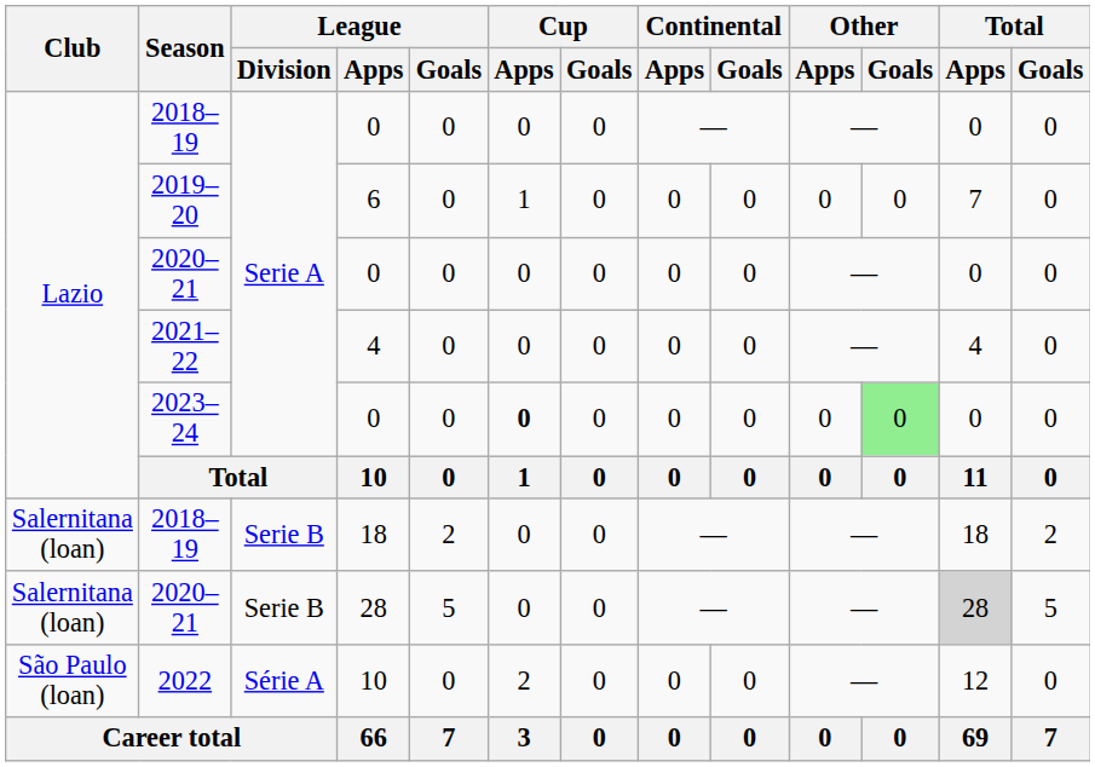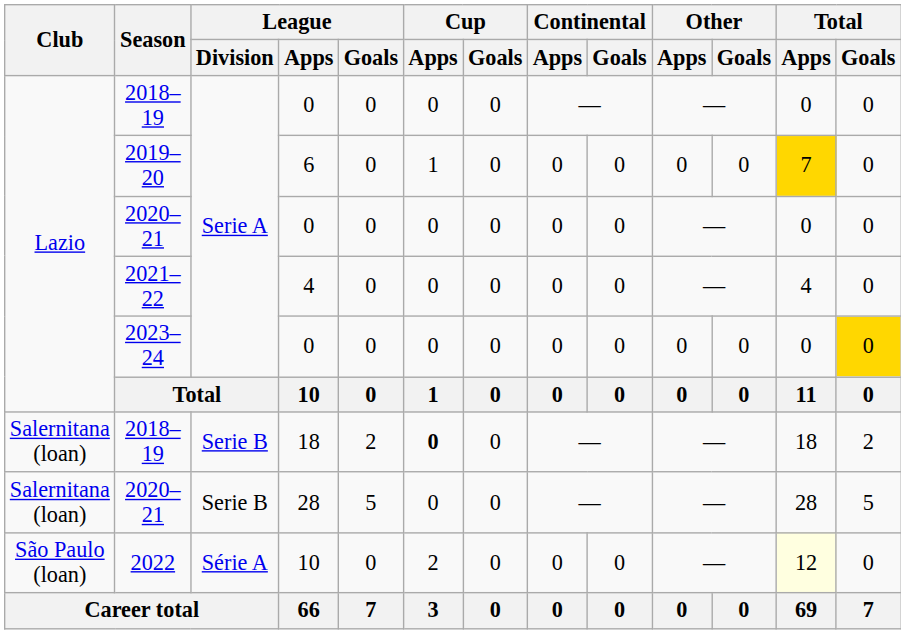 <table class="wikitable" style="text-align:center">
 <tr>
 <th rowspan="2">Club</th>
 <th rowspan="2">Season</th>
 <th colspan="3">League</th>
 <th colspan="2">Cup</th>
 <th colspan="2">Continental</th>
 <th colspan="2">Other</th>
 <th colspan="2">Total</th>
 </tr>
 <tr>
 <th>Division</th>
 <th>Apps</th>
 <th>Goals</th>
 <th>Apps</th>
 <th>Goals</th>
 <th>Apps</th>
 <th>Goals</th>
 <th>Apps</th>
 <th>Goals</th>
 <th>Apps</th>
 <th>Goals</th>
 </tr>
 <tr>
 <td rowspan="6"><a href='#'>Lazio</a></td>
 <td><a href='#'>2018–19</a></td>
 <td rowspan="5"><a href='#'>Serie A</a></td>
 <td>0</td>
 <td>0</td>
 <td>0</td>
 <td>0</td>
 <td colspan="2">—</td>
 <td colspan="2">—</td>
 <td>0</td>
 <td>0</td>
 </tr>
 <tr>
 <td><a href='#'>2019–20</a></td>
 <td>6</td>
 <td>0</td>
 <td>1</td>
 <td>0</td>
 <td>0</td>
 <td>0</td>
 <td>0</td>
 <td>0</td>
-<td>7</td>
+<td style="background: gold;">7</td>
 <td>0</td>
 </tr>
 <tr>
 <td><a href='#'>2020–21</a></td>
 <td>0</td>
 <td>0</td>
 <td>0</td>
 <td>0</td>
 <td>0</td>
 <td>0</td>
 <td colspan="2">—</td>
 <td>0</td>
 <td>0</td>
 </tr>
 <tr>
 <td><a href='#'>2021–22</a></td>
 <td>4</td>
 <td>0</td>
 <td>0</td>
 <td>0</td>
 <td>0</td>
 <td>0</td>
 <td colspan="2">—</td>
 <td>4</td>
 <td>0</td>
 </tr>
 <tr>
 <td><a href='#'>2023–24</a></td>
 <td>0</td>
 <td>0</td>
-<td><strong>0</strong></td>
 <td>0</td>
 <td>0</td>
 <td>0</td>
 <td>0</td>
-<td style="background: lightgreen;">0</td>
 <td>0</td>
 <td>0</td>
+<td>0</td>
+<td style="background: gold;">0</td>
 </tr>
 <tr>
 <th colspan="2">Total</th>
 <th>10</th>
 <th>0</th>
 <th>1</th>
 <th>0</th>
 <th>0</th>
 <th>0</th>
 <th>0</th>
 <th>0</th>
 <th>11</th>
 <th>0</th>
 </tr>
 <tr>
 <td><a href='#'>Salernitana</a> (loan)</td>
 <td><a href='#'>2018–19</a></td>
 <td><a href='#'>Serie B</a></td>
 <td>18</td>
 <td>2</td>
-<td>0</td>
+<td><strong>0</strong></td>
 <td>0</td>
 <td colspan="2">—</td>
 <td colspan="2">—</td>
 <td>18</td>
 <td>2</td>
 </tr>
 <tr>
 <td><a href='#'>Salernitana</a> (loan)</td>
 <td><a href='#'>2020–21</a></td>
 <td>Serie B</td>
 <td>28</td>
 <td>5</td>
 <td>0</td>
 <td>0</td>
 <td colspan="2">—</td>
 <td colspan="2">—</td>
-<td style="background: lightgrey;">28</td>
+<td>28</td>
 <td>5</td>
 </tr>
 <tr>
 <td><a href='#'>São Paulo</a> (loan)</td>
 <td><a href='#'>2022</a></td>
 <td><a href='#'>Série A</a></td>
 <td>10</td>
 <td>0</td>
 <td>2</td>
 <td>0</td>
 <td>0</td>
 <td>0</td>
 <td colspan="2">—</td>
-<td>12</td>
+<td style="background: lightyellow;">12</td>
 <td>0</td>
 </tr>
 <tr>
 <th colspan="3">Career total</th>
 <th>66</th>
 <th>7</th>
 <th>3</th>
 <th>0</th>
 <th>0</th>
 <th>0</th>
 <th>0</th>
 <th>0</th>
 <th>69</th>
 <th>7</th>
 </tr>
 </table>
